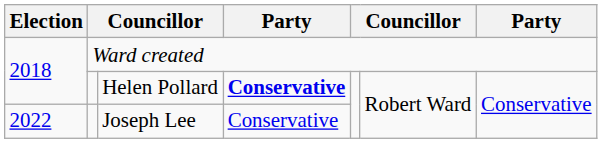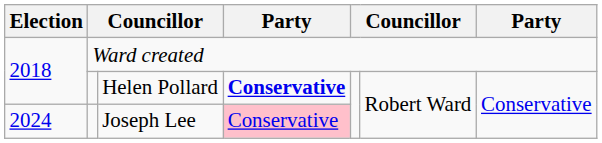 <table class="wikitable">
 <tr>
 <th>Election</th>
 <th colspan="2">Councillor</th>
 <th>Party</th>
 <th colspan="2">Councillor</th>
 <th>Party</th>
 </tr>
 <tr>
 <td rowspan="2"><a href='#'>2018</a></td>
 <td colspan="12"><em>Ward created</em></td>
 </tr>
 <tr>
 <td style="background-color: "></td>
 <td>Helen Pollard</td>
 <td><strong><a href='#'>Conservative</a></strong></td>
 <td rowspan="2" style="background-color: "></td>
 <td rowspan="2">Robert Ward</td>
 <td rowspan="2"><a href='#'>Conservative</a></td>
 </tr>
 <tr>
-<td><a href='#'>2022</a></td>
+<td><a href='#'>2024</a></td>
 <td style="background-color: "></td>
 <td>Joseph Lee</td>
-<td><a href='#'>Conservative</a></td>
+<td style="background: pink;"><a href='#'>Conservative</a></td>
 </tr>
 </table>
